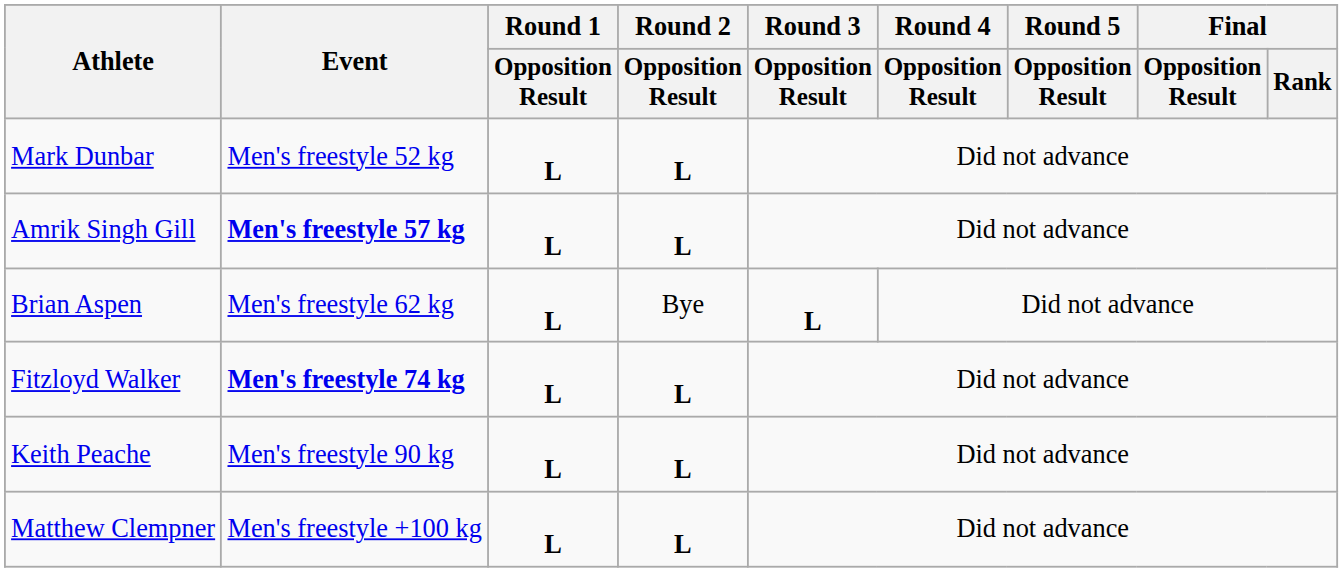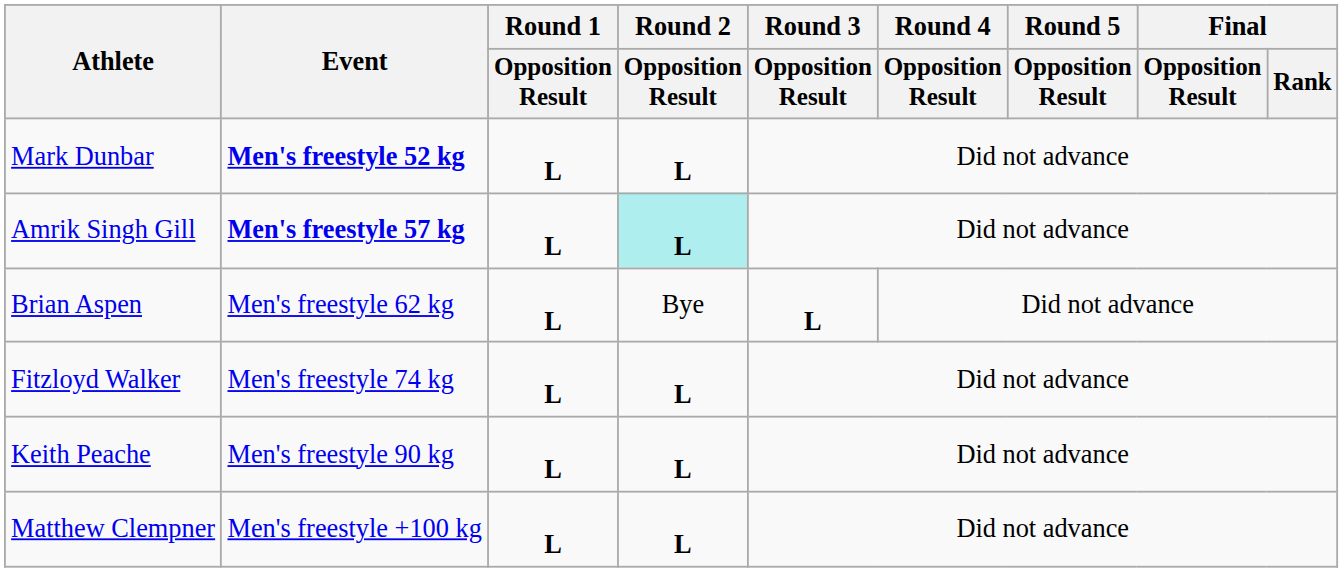 <table class="wikitable" style="font-size:90%;">
 <tr>
 <th rowspan=2>Athlete</th>
 <th rowspan=2>Event</th>
 <th>Round 1</th>
 <th>Round 2</th>
 <th>Round 3</th>
 <th>Round 4</th>
 <th>Round 5</th>
 <th colspan=2>Final</th>
 </tr>
 <tr style="font-size:95%">
 <th>Opposition<br>Result</th>
 <th>Opposition<br>Result</th>
 <th>Opposition<br>Result</th>
 <th>Opposition<br>Result</th>
 <th>Opposition<br>Result</th>
 <th>Opposition<br>Result</th>
 <th>Rank</th>
 </tr>
 <tr align=center>
 <td align=left><a href='#'>Mark Dunbar</a></td>
-<td align=left><a href='#'>Men's freestyle 52 kg</a></td>
+<td align=left><strong><a href='#'>Men's freestyle 52 kg</a></strong></td>
 <td><br><strong>L</strong></td>
 <td><br><strong>L</strong></td>
 <td colspan=5>Did not advance</td>
 </tr>
 <tr align=center>
 <td align=left><a href='#'>Amrik Singh Gill</a></td>
 <td align=left><strong><a href='#'>Men's freestyle 57 kg</a></strong></td>
 <td><br><strong>L</strong></td>
-<td><br><strong>L</strong></td>
+<td style="background: paleturquoise;"><br><strong>L</strong></td>
 <td colspan=5>Did not advance</td>
 </tr>
 <tr align=center>
 <td align=left><a href='#'>Brian Aspen</a></td>
 <td align=left><a href='#'>Men's freestyle 62 kg</a></td>
 <td><br><strong>L</strong></td>
 <td>Bye</td>
 <td><br><strong>L</strong></td>
 <td colspan=4>Did not advance</td>
 </tr>
 <tr align=center>
 <td align=left><a href='#'>Fitzloyd Walker</a></td>
-<td align=left><strong><a href='#'>Men's freestyle 74 kg</a></strong></td>
+<td align=left><a href='#'>Men's freestyle 74 kg</a></td>
 <td><br><strong>L</strong></td>
 <td><br><strong>L</strong></td>
 <td colspan=5>Did not advance</td>
 </tr>
 <tr align=center>
 <td align=left><a href='#'>Keith Peache</a></td>
 <td align=left><a href='#'>Men's freestyle 90 kg</a></td>
 <td><br><strong>L</strong></td>
 <td><br><strong>L</strong></td>
 <td colspan=5>Did not advance</td>
 </tr>
 <tr align=center>
 <td align=left><a href='#'>Matthew Clempner</a></td>
 <td align=left><a href='#'>Men's freestyle +100 kg</a></td>
 <td><br><strong>L</strong></td>
 <td><br><strong>L</strong></td>
 <td colspan=5>Did not advance</td>
 </tr>
 </table>
